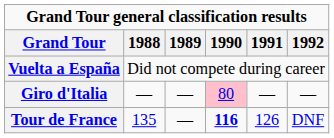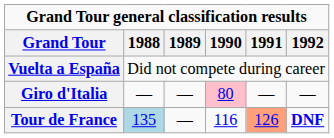 <table class="wikitable plainrowheaders">
 <tr>
 <td colspan=13 align="center"><strong>Grand Tour general classification results</strong></td>
 </tr>
 <tr>
 <th scope="col"><a href='#'>Grand Tour</a></th>
 <th scope="col">1988</th>
 <th scope="col">1989</th>
 <th scope="col">1990</th>
 <th scope="col">1991</th>
 <th scope="col">1992</th>
 </tr>
 <tr style="text-align:center;">
 <th scope="row"> <a href='#'>Vuelta a España</a></th>
 <td colspan=5 rowspan=1>Did not compete during career</td>
 </tr>
 <tr style="text-align:center;">
 <th scope="row"> <a href='#'>Giro d'Italia</a></th>
 <td>—</td>
 <td>—</td>
 <td style="background: pink;"><a href='#'>80</a></td>
 <td>—</td>
 <td>—</td>
 </tr>
 <tr style="text-align:center;">
 <th scope="row"> <a href='#'>Tour de France</a></th>
-<td><a href='#'>135</a></td>
+<td style="background: lightblue;"><a href='#'>135</a></td>
 <td>—</td>
-<td><strong><a href='#'>116</a></strong></td>
-<td><a href='#'>126</a></td>
-<td><a href='#'>DNF</a></td>
+<td><a href='#'>116</a></td>
+<td style="background: lightsalmon;"><a href='#'>126</a></td>
+<td><strong><a href='#'>DNF</a></strong></td>
 </tr>
 </table>
